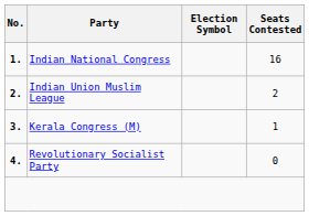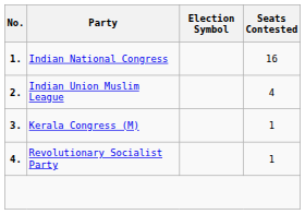 <table class="wikitable">
 <tr style="height: 50px;">
 <th scope="col" style="width:4px;">No.</th>
 <th scope="col" style="width:200px;">Party</th>
 <th scope="col" style="width:80px;">Election Symbol</th>
 <th scope="col" style="width:60px;">Seats Contested</th>
 </tr>
 <tr style="height: 45px;">
 <td ! style="text-align:center; background:"><strong>1.</strong></td>
 <td><a href='#'>Indian National Congress</a></td>
 <td style="text-align:center;"></td>
 <td style="text-align:center;">16</td>
 </tr>
 <tr style="height: 45px;">
 <td ! style="text-align:center; background:"><strong>2.</strong></td>
 <td><a href='#'>Indian Union Muslim League</a></td>
 <td style="text-align:center;"></td>
-<td style="text-align:center;">2</td>
+<td style="text-align:center;">4</td>
 </tr>
 <tr style="height: 45px;">
 <td ! style="text-align:center; background:"><strong>3.</strong></td>
 <td><a href='#'>Kerala Congress (M)</a></td>
 <td style="text-align:center;"></td>
 <td style="text-align:center;">1</td>
 </tr>
 <tr style="height: 45px;">
 <td ! style="text-align:center; background:"><strong>4.</strong></td>
 <td><a href='#'>Revolutionary Socialist Party</a></td>
 <td style="text-align:center;"></td>
-<td style="text-align:center;">0</td>
+<td style="text-align:center;">1</td>
 </tr>
 <tr style="height: 45px;">
 </tr>
 </table>
